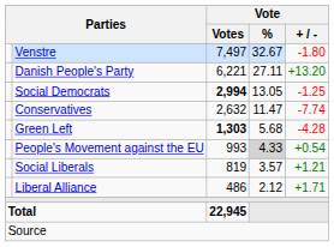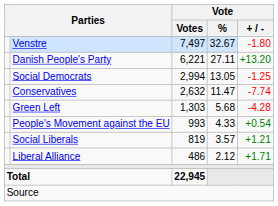 <table class="wikitable" style="text-align:right;">
 <tr>
 <th style="text-align:centre;" rowspan="2" colspan="2" width="225">Parties</th>
 <th colspan="3">Vote</th>
 </tr>
 <tr>
 <th width="15">Votes</th>
 <th width="15">%</th>
 <th width="15">+ / -</th>
 </tr>
 <tr>
 <td width="2" style="color:inherit;background:"></td>
 <td bgcolor=#cfe5fe   align="left"><a href='#'>Venstre</a></td>
 <td bgcolor=#cfe5fe>7,497</td>
 <td bgcolor=#cfe5fe>32.67</td>
 <td style=color:red;>-1.80</td>
 </tr>
 <tr>
 <td width="2" style="color:inherit;background:"></td>
 <td align="left"><a href='#'>Danish People's Party</a></td>
 <td>6,221</td>
 <td>27.11</td>
 <td style=color:green;>+13.20</td>
 </tr>
 <tr>
 <td width="2" style="color:inherit;background:"></td>
 <td align="left"><a href='#'>Social Democrats</a></td>
-<td><strong>2,994</strong></td>
+<td>2,994</td>
 <td>13.05</td>
 <td style=color:red;>-1.25</td>
 </tr>
 <tr>
 <td width="2" style="color:inherit;background:"></td>
 <td align="left"><a href='#'>Conservatives</a></td>
 <td>2,632</td>
 <td>11.47</td>
 <td style=color:red;>-7.74</td>
 </tr>
 <tr>
 <td width="2" style="color:inherit;background:"></td>
 <td align="left"><a href='#'>Green Left</a></td>
-<td><strong>1,303</strong></td>
+<td>1,303</td>
 <td>5.68</td>
 <td style=color:red;>-4.28</td>
 </tr>
 <tr>
 <td width="2" style="color:inherit;background:"></td>
 <td align="left"><a href='#'>People's Movement against the EU</a></td>
 <td>993</td>
-<td style="background: lightgrey;">4.33</td>
+<td>4.33</td>
 <td style=color:green;>+0.54</td>
 </tr>
 <tr>
 <td width="2" style="color:inherit;background:"></td>
 <td align="left"><a href='#'>Social Liberals</a></td>
 <td>819</td>
 <td>3.57</td>
 <td style=color:green;>+1.21</td>
 </tr>
 <tr>
 <td width="2" style="color:inherit;background:"></td>
 <td align="left"><a href='#'>Liberal Alliance</a></td>
 <td>486</td>
 <td>2.12</td>
 <td style=color:green;>+1.71</td>
 </tr>
 <tr>
 <td colspan="7" bgcolor="#E9E9E9"></td>
 </tr>
 <tr>
 <td align="left" colspan="2"><strong>Total</strong></td>
 <td><strong>22,945</strong></td>
 <td bgcolor="#E9E9E9" colspan="2"></td>
 </tr>
 <tr>
 <td align="left" colspan="6">Source</td>
 </tr>
 </table>
